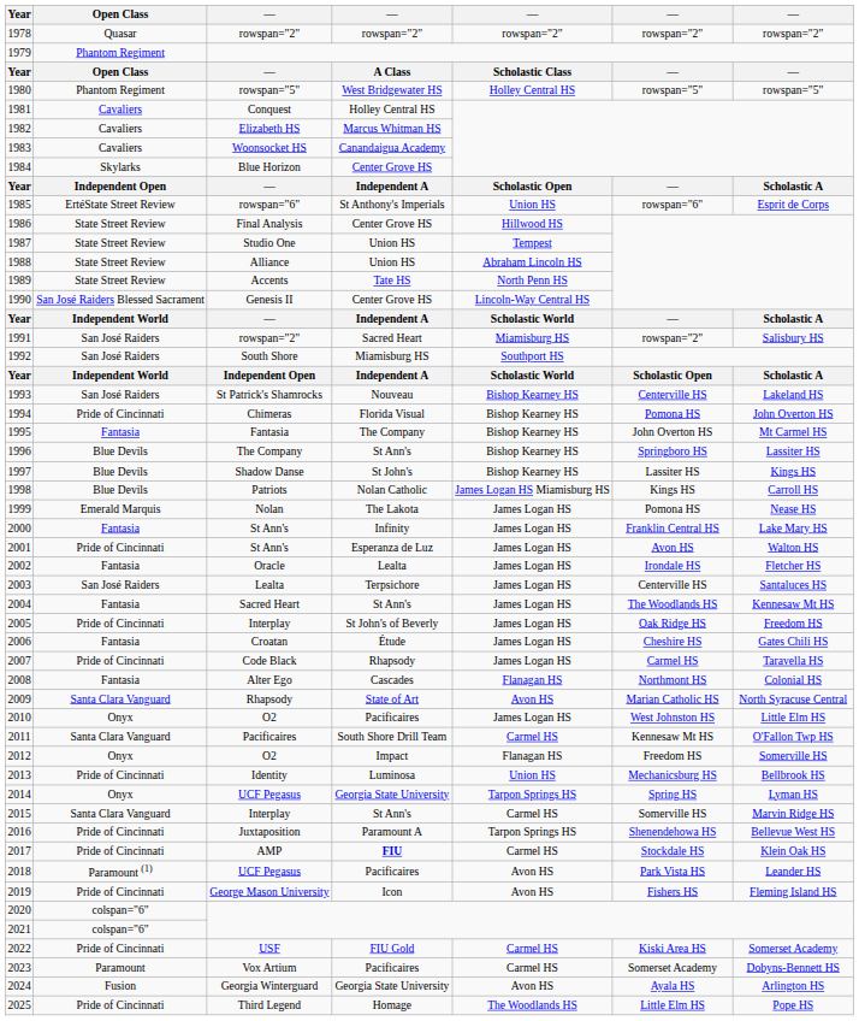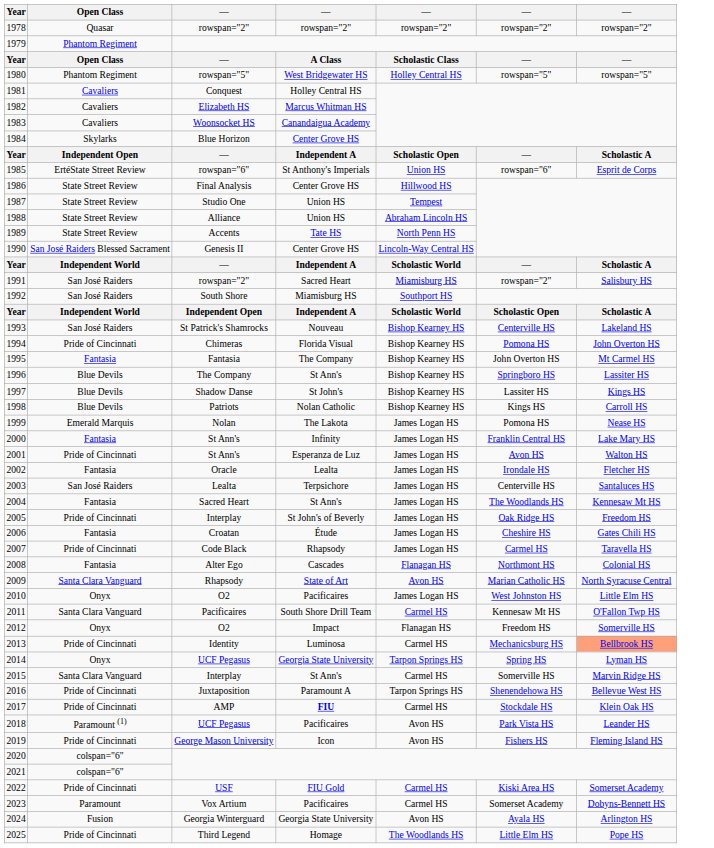 <table class="wikitable" style="font-size: 95%; text-align:center;">
 <tr>
 <th>Year</th>
 <th style="min-width: 10em;">Open Class</th>
 <th style="min-width: 10em;">—</th>
 <th style="min-width: 10em;">—</th>
 <th style="min-width: 10em;">—</th>
 <th style="min-width: 10em;">—</th>
 <th style="min-width: 10em;">—</th>
 </tr>
 <tr>
 <td>1978</td>
 <td>Quasar</td>
 <td>rowspan="2" </td>
 <td>rowspan="2" </td>
 <td>rowspan="2" </td>
 <td>rowspan="2" </td>
 <td>rowspan="2" </td>
 </tr>
 <tr>
 <td>1979</td>
 <td><a href='#'>Phantom Regiment</a> </td>
 </tr>
 <tr>
 <th>Year</th>
 <th>Open Class</th>
 <th>—</th>
 <th>A Class</th>
 <th>Scholastic Class</th>
 <th>—</th>
 <th>—</th>
 </tr>
 <tr>
 <td>1980</td>
 <td>Phantom Regiment </td>
 <td>rowspan="5" </td>
 <td><a href='#'>West Bridgewater HS</a></td>
 <td><a href='#'>Holley Central HS</a> </td>
 <td>rowspan="5" </td>
 <td>rowspan="5" </td>
 </tr>
 <tr>
 <td>1981</td>
 <td><a href='#'>Cavaliers</a> </td>
 <td>Conquest</td>
 <td>Holley Central HS </td>
 </tr>
 <tr>
 <td>1982</td>
 <td>Cavaliers </td>
 <td><a href='#'>Elizabeth HS</a></td>
 <td><a href='#'>Marcus Whitman HS</a></td>
 </tr>
 <tr>
 <td>1983</td>
 <td>Cavaliers </td>
 <td><a href='#'>Woonsocket HS</a></td>
 <td><a href='#'>Canandaigua Academy</a></td>
 </tr>
 <tr>
 <td>1984</td>
 <td>Skylarks</td>
 <td>Blue Horizon</td>
 <td><a href='#'>Center Grove HS</a> </td>
 </tr>
 <tr>
 <th>Year</th>
 <th>Independent Open</th>
 <th>—</th>
 <th>Independent A</th>
 <th>Scholastic Open</th>
 <th>—</th>
 <th>Scholastic A</th>
 </tr>
 <tr>
 <td>1985</td>
 <td>Erté<em></em>State Street Review </td>
 <td>rowspan="6" </td>
 <td>St Anthony's Imperials</td>
 <td><a href='#'>Union HS</a> </td>
 <td>rowspan="6" </td>
 <td><a href='#'>Esprit de Corps</a></td>
 </tr>
 <tr>
 <td>1986</td>
 <td>State Street Review </td>
 <td>Final Analysis</td>
 <td>Center Grove HS </td>
 <td><a href='#'>Hillwood HS</a></td>
 </tr>
 <tr>
 <td>1987</td>
 <td>State Street Review </td>
 <td>Studio One</td>
 <td>Union HS </td>
 <td><a href='#'>Tempest</a></td>
 </tr>
 <tr>
 <td>1988</td>
 <td>State Street Review </td>
 <td>Alliance</td>
 <td>Union HS </td>
 <td><a href='#'>Abraham Lincoln HS</a></td>
 </tr>
 <tr>
 <td>1989</td>
 <td>State Street Review </td>
 <td>Accents</td>
 <td><a href='#'>Tate HS</a></td>
 <td><a href='#'>North Penn HS</a></td>
 </tr>
 <tr>
 <td>1990</td>
 <td><a href='#'>San José Raiders</a> <em></em>Blessed Sacrament</td>
 <td>Genesis II</td>
 <td>Center Grove HS </td>
 <td><a href='#'>Lincoln-Way Central HS</a></td>
 </tr>
 <tr>
 <th>Year</th>
 <th>Independent World</th>
 <th>—</th>
 <th>Independent A</th>
 <th>Scholastic World</th>
 <th>—</th>
 <th>Scholastic A</th>
 </tr>
 <tr>
 <td>1991</td>
 <td>San José Raiders </td>
 <td>rowspan="2" </td>
 <td>Sacred Heart</td>
 <td><a href='#'>Miamisburg HS</a> </td>
 <td>rowspan="2" </td>
 <td><a href='#'>Salisbury HS</a></td>
 </tr>
 <tr>
 <td>1992</td>
 <td>San José Raiders </td>
 <td>South Shore </td>
 <td>Miamisburg HS </td>
 <td><a href='#'>Southport HS</a></td>
 </tr>
 <tr>
 <th>Year</th>
 <th>Independent World</th>
 <th>Independent Open</th>
 <th>Independent A</th>
 <th>Scholastic World</th>
 <th>Scholastic Open</th>
 <th>Scholastic A</th>
 </tr>
 <tr>
 <td>1993</td>
 <td>San José Raiders </td>
 <td>St Patrick's Shamrocks</td>
 <td>Nouveau</td>
 <td><a href='#'>Bishop Kearney HS</a> </td>
 <td><a href='#'>Centerville HS</a> </td>
 <td><a href='#'>Lakeland HS</a></td>
 </tr>
 <tr>
 <td>1994</td>
 <td>Pride of Cincinnati </td>
 <td>Chimeras</td>
 <td>Florida Visual</td>
 <td>Bishop Kearney HS </td>
 <td><a href='#'>Pomona HS</a> </td>
 <td><a href='#'>John Overton HS</a></td>
 </tr>
 <tr>
 <td>1995</td>
 <td><a href='#'>Fantasia</a> </td>
 <td>Fantasia</td>
 <td>The Company</td>
 <td>Bishop Kearney HS </td>
 <td>John Overton HS</td>
 <td><a href='#'>Mt Carmel HS</a></td>
 </tr>
 <tr>
 <td>1996</td>
 <td>Blue Devils </td>
 <td>The Company</td>
 <td>St Ann's </td>
 <td>Bishop Kearney HS </td>
 <td><a href='#'>Springboro HS</a></td>
 <td><a href='#'>Lassiter HS</a></td>
 </tr>
 <tr>
 <td>1997</td>
 <td>Blue Devils </td>
 <td>Shadow Danse</td>
 <td>St John's</td>
 <td>Bishop Kearney HS </td>
 <td>Lassiter HS</td>
 <td><a href='#'>Kings HS</a></td>
 </tr>
 <tr>
 <td>1998</td>
 <td>Blue Devils </td>
 <td>Patriots</td>
 <td>Nolan Catholic</td>
-<td><a href='#'>James Logan HS</a> <em></em>Miamisburg HS </td>
+<td>Bishop Kearney HS </td>
 <td>Kings HS</td>
 <td><a href='#'>Carroll HS</a></td>
 </tr>
 <tr>
 <td>1999</td>
 <td>Emerald Marquis</td>
 <td>Nolan</td>
 <td>The Lakota</td>
 <td>James Logan HS </td>
 <td>Pomona HS </td>
 <td><a href='#'>Nease HS</a></td>
 </tr>
 <tr>
 <td>2000</td>
 <td><a href='#'>Fantasia</a> </td>
 <td>St Ann's </td>
 <td>Infinity</td>
 <td>James Logan HS </td>
 <td><a href='#'>Franklin Central HS</a></td>
 <td><a href='#'>Lake Mary HS</a></td>
 </tr>
 <tr>
 <td>2001</td>
 <td>Pride of Cincinnati </td>
 <td>St Ann's </td>
 <td>Esperanza de Luz</td>
 <td>James Logan HS </td>
 <td><a href='#'>Avon HS</a></td>
 <td><a href='#'>Walton HS</a></td>
 </tr>
 <tr>
 <td>2002</td>
 <td>Fantasia </td>
 <td>Oracle</td>
 <td>Lealta</td>
 <td>James Logan HS </td>
 <td><a href='#'>Irondale HS</a></td>
 <td><a href='#'>Fletcher HS</a></td>
 </tr>
 <tr>
 <td>2003</td>
 <td>San José Raiders </td>
 <td>Lealta</td>
 <td>Terpsichore</td>
 <td>James Logan HS </td>
 <td>Centerville HS </td>
 <td><a href='#'>Santaluces HS</a></td>
 </tr>
 <tr>
 <td>2004</td>
 <td>Fantasia </td>
 <td>Sacred Heart</td>
 <td>St Ann's </td>
 <td>James Logan HS </td>
 <td><a href='#'>The Woodlands HS</a></td>
 <td><a href='#'>Kennesaw Mt HS</a></td>
 </tr>
 <tr>
 <td>2005</td>
 <td>Pride of Cincinnati </td>
 <td>Interplay </td>
 <td>St John's of Beverly</td>
 <td>James Logan HS </td>
 <td><a href='#'>Oak Ridge HS</a></td>
 <td><a href='#'>Freedom HS</a></td>
 </tr>
 <tr>
 <td>2006</td>
 <td>Fantasia </td>
 <td>Croatan</td>
 <td>Étude</td>
 <td>James Logan HS </td>
 <td><a href='#'>Cheshire HS</a></td>
 <td><a href='#'>Gates Chili HS</a></td>
 </tr>
 <tr>
 <td>2007</td>
 <td>Pride of Cincinnati </td>
 <td>Code Black</td>
 <td>Rhapsody</td>
 <td>James Logan HS </td>
 <td><a href='#'>Carmel HS</a></td>
 <td><a href='#'>Taravella HS</a></td>
 </tr>
 <tr>
 <td>2008</td>
 <td>Fantasia </td>
 <td>Alter Ego</td>
 <td>Cascades</td>
 <td><a href='#'>Flanagan HS</a> </td>
 <td><a href='#'>Northmont HS</a></td>
 <td><a href='#'>Colonial HS</a></td>
 </tr>
 <tr>
 <td>2009</td>
 <td><a href='#'>Santa Clara Vanguard</a> </td>
 <td>Rhapsody</td>
 <td><a href='#'>State of Art</a></td>
 <td><a href='#'>Avon HS</a> </td>
 <td><a href='#'>Marian Catholic HS</a></td>
 <td><a href='#'>North Syracuse Central</a></td>
 </tr>
 <tr>
 <td>2010</td>
 <td>Onyx </td>
 <td>O2 </td>
 <td>Pacificaires </td>
 <td>James Logan HS </td>
 <td><a href='#'>West Johnston HS</a></td>
 <td><a href='#'>Little Elm HS</a></td>
 </tr>
 <tr>
 <td>2011</td>
 <td>Santa Clara Vanguard </td>
 <td>Pacificaires<small></small></td>
 <td>South Shore Drill Team </td>
 <td><a href='#'>Carmel HS</a> </td>
 <td>Kennesaw Mt HS</td>
 <td><a href='#'>O'Fallon Twp HS</a></td>
 </tr>
 <tr>
 <td>2012</td>
 <td>Onyx </td>
 <td>O2 </td>
 <td>Impact</td>
 <td>Flanagan HS </td>
 <td>Freedom HS</td>
 <td><a href='#'>Somerville HS</a></td>
 </tr>
 <tr>
 <td>2013</td>
 <td>Pride of Cincinnati </td>
 <td>Identity</td>
 <td>Luminosa</td>
-<td><a href='#'>Union HS</a> </td>
+<td>Carmel HS </td>
 <td><a href='#'>Mechanicsburg HS</a></td>
-<td><a href='#'>Bellbrook HS</a></td>
+<td style="background: lightsalmon;"><a href='#'>Bellbrook HS</a></td>
 </tr>
 <tr>
 <td>2014</td>
 <td>Onyx </td>
 <td><a href='#'>UCF Pegasus</a></td>
 <td><a href='#'>Georgia State University</a></td>
 <td><a href='#'>Tarpon Springs HS</a> </td>
 <td><a href='#'>Spring HS</a></td>
 <td><a href='#'>Lyman HS</a></td>
 </tr>
 <tr>
 <td>2015</td>
 <td>Santa Clara Vanguard </td>
 <td>Interplay </td>
 <td>St Ann's </td>
 <td>Carmel HS </td>
 <td>Somerville HS</td>
 <td><a href='#'>Marvin Ridge HS</a></td>
 </tr>
 <tr>
 <td>2016</td>
 <td>Pride of Cincinnati </td>
 <td>Juxtaposition</td>
 <td>Paramount A</td>
 <td>Tarpon Springs HS </td>
 <td><a href='#'>Shenendehowa HS</a></td>
 <td><a href='#'>Bellevue West HS</a></td>
 </tr>
 <tr>
 <td>2017</td>
 <td>Pride of Cincinnati </td>
 <td>AMP</td>
 <td><strong><a href='#'>FIU</a> </strong></td>
 <td>Carmel HS </td>
 <td><a href='#'>Stockdale HS</a></td>
 <td><a href='#'>Klein Oak HS</a></td>
 </tr>
 <tr>
 <td>2018</td>
 <td>Paramount <sup>(1)</sup></td>
 <td><a href='#'>UCF Pegasus</a> </td>
 <td>Pacificaires </td>
 <td>Avon HS </td>
 <td><a href='#'>Park Vista HS</a></td>
 <td><a href='#'>Leander HS</a></td>
 </tr>
 <tr>
 <td>2019</td>
 <td>Pride of Cincinnati </td>
 <td><a href='#'>George Mason University</a></td>
 <td>Icon</td>
 <td>Avon HS </td>
 <td><a href='#'>Fishers HS</a></td>
 <td><a href='#'>Fleming Island HS</a></td>
 </tr>
 <tr>
 <td>2020</td>
 <td>colspan="6" </td>
 </tr>
 <tr>
 <td>2021</td>
 <td>colspan="6" </td>
 </tr>
 <tr>
 <td>2022</td>
 <td>Pride of Cincinnati </td>
 <td><a href='#'>USF</a></td>
 <td><a href='#'>FIU Gold</a> </td>
 <td><a href='#'>Carmel HS</a> </td>
 <td><a href='#'>Kiski Area HS</a></td>
 <td><a href='#'>Somerset Academy</a></td>
 </tr>
 <tr>
 <td>2023</td>
 <td>Paramount </td>
 <td>Vox Artium</td>
 <td>Pacificaires </td>
 <td>Carmel HS </td>
 <td>Somerset Academy</td>
 <td><a href='#'>Dobyns-Bennett HS</a></td>
 </tr>
 <tr>
 <td>2024</td>
 <td>Fusion</td>
 <td>Georgia Winterguard</td>
 <td>Georgia State University </td>
 <td>Avon HS </td>
 <td><a href='#'>Ayala HS</a></td>
 <td><a href='#'>Arlington HS</a></td>
 </tr>
 <tr>
 <td>2025</td>
 <td>Pride of Cincinnati </td>
 <td>Third Legend</td>
 <td>Homage</td>
 <td><a href='#'>The Woodlands HS</a></td>
 <td><a href='#'>Little Elm HS</a></td>
 <td><a href='#'>Pope HS</a></td>
 </tr>
 </table>
